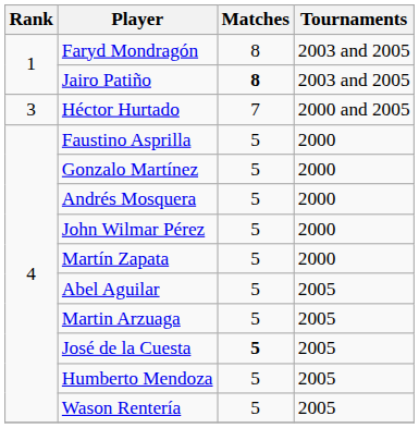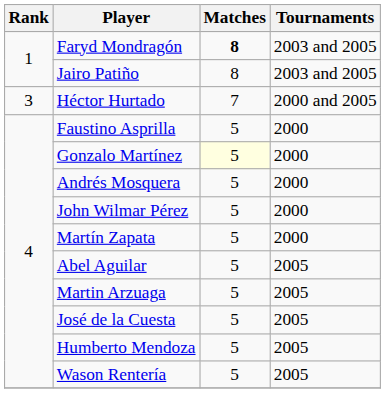 <table class="wikitable" style="text-align: left;">
 <tr>
 <th>Rank</th>
 <th>Player</th>
 <th>Matches</th>
 <th>Tournaments</th>
 </tr>
 <tr>
 <td rowspan=2 align=center>1</td>
 <td><a href='#'>Faryd Mondragón</a></td>
-<td align=center>8</td>
+<td align=center><strong>8</strong></td>
 <td>2003 and 2005</td>
 </tr>
 <tr>
 <td><a href='#'>Jairo Patiño</a></td>
-<td align=center><strong>8</strong></td>
+<td align=center>8</td>
 <td>2003 and 2005</td>
 </tr>
 <tr>
 <td align=center>3</td>
 <td><a href='#'>Héctor Hurtado</a></td>
 <td align=center>7</td>
 <td>2000 and 2005</td>
 </tr>
 <tr>
 <td rowspan=10 align=center>4</td>
 <td><a href='#'>Faustino Asprilla</a></td>
 <td align=center>5</td>
 <td>2000</td>
 </tr>
 <tr>
 <td><a href='#'>Gonzalo Martínez</a></td>
-<td align=center>5</td>
+<td align=center style="background: lightyellow;">5</td>
 <td>2000</td>
 </tr>
 <tr>
 <td><a href='#'>Andrés Mosquera</a></td>
 <td align=center>5</td>
 <td>2000</td>
 </tr>
 <tr>
 <td><a href='#'>John Wilmar Pérez</a></td>
 <td align=center>5</td>
 <td>2000</td>
 </tr>
 <tr>
 <td><a href='#'>Martín Zapata</a></td>
 <td align=center>5</td>
 <td>2000</td>
 </tr>
 <tr>
 <td><a href='#'>Abel Aguilar</a></td>
 <td align=center>5</td>
 <td>2005</td>
 </tr>
 <tr>
 <td><a href='#'>Martin Arzuaga</a></td>
 <td align=center>5</td>
 <td>2005</td>
 </tr>
 <tr>
 <td><a href='#'>José de la Cuesta</a></td>
-<td align=center><strong>5</strong></td>
+<td align=center>5</td>
 <td>2005</td>
 </tr>
 <tr>
 <td><a href='#'>Humberto Mendoza</a></td>
 <td align=center>5</td>
 <td>2005</td>
 </tr>
 <tr>
 <td><a href='#'>Wason Rentería</a></td>
 <td align=center>5</td>
 <td>2005</td>
 </tr>
 <tr>
 </tr>
 </table>
